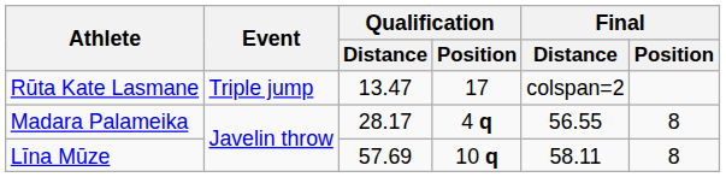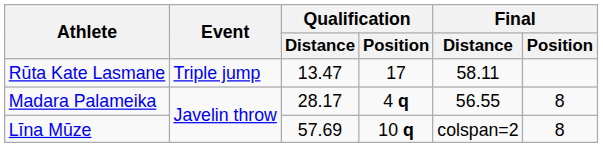 <table class="wikitable" style="font-size:90%">
 <tr>
 <th rowspan="2">Athlete</th>
 <th rowspan="2">Event</th>
 <th colspan="2">Qualification</th>
 <th colspan="2">Final</th>
 </tr>
 <tr style="font-size:95%">
 <th>Distance</th>
 <th>Position</th>
 <th>Distance</th>
 <th>Position</th>
 </tr>
 <tr align="center">
 <td align="left"><a href='#'>Rūta Kate Lasmane</a></td>
 <td align="left"><a href='#'>Triple jump</a></td>
 <td>13.47</td>
 <td>17</td>
-<td>colspan=2 </td>
+<td>58.11</td>
 </tr>
 <tr align="center">
 <td align="left"><a href='#'>Madara Palameika</a></td>
 <td align="left" rowspan=2><a href='#'>Javelin throw</a></td>
 <td>28.17 </td>
 <td>4 <strong>q</strong></td>
 <td>56.55</td>
 <td>8</td>
 </tr>
 <tr align="center">
 <td align="left"><a href='#'>Līna Mūze</a></td>
 <td>57.69</td>
 <td>10 <strong>q</strong></td>
-<td>58.11</td>
+<td>colspan=2 </td>
 <td>8</td>
 </tr>
 </table>
